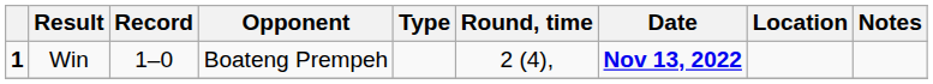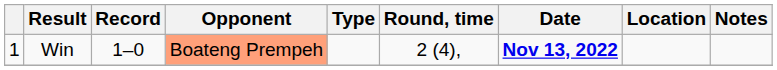 <table class="wikitable" style="text-align:center">
 <tr>
 <th></th>
 <th>Result</th>
 <th>Record</th>
 <th>Opponent</th>
 <th>Type</th>
 <th>Round, time</th>
 <th>Date</th>
 <th>Location</th>
 <th>Notes</th>
 </tr>
 <tr>
-<td><strong>1</strong></td>
+<td>1</td>
 <td>Win</td>
 <td>1–0</td>
-<td align=left>Boateng Prempeh</td>
+<td align=left style="background: lightsalmon;">Boateng Prempeh</td>
 <td></td>
 <td>2 (4), </td>
 <td><strong><a href='#'>Nov 13, 2022</a></strong></td>
 <td align=left></td>
 <td></td>
 </tr>
 <tr>
 </tr>
 </table>
